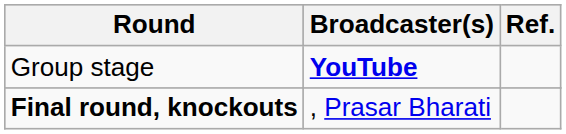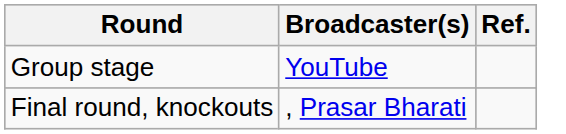 <table class="wikitable sortable">
 <tr>
 <th>Round</th>
 <th>Broadcaster(s)</th>
 <th>Ref.</th>
 </tr>
 <tr>
 <td rowspan="2">Group stage</td>
-<td><strong><a href='#'>YouTube</a></strong></td>
+<td><a href='#'>YouTube</a></td>
 <td></td>
 </tr>
 <tr>
 <td rowspan="2">, <a href='#'>Prasar Bharati</a></td>
 <td rowspan="2"></td>
 </tr>
 <tr>
-<td><strong>Final round, knockouts</strong></td>
+<td>Final round, knockouts</td>
 </tr>
 </table>
